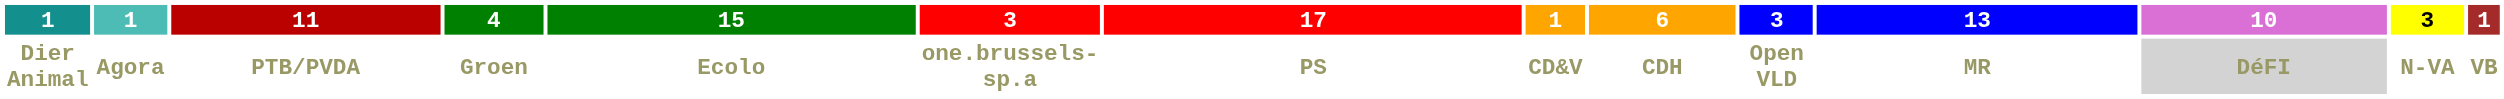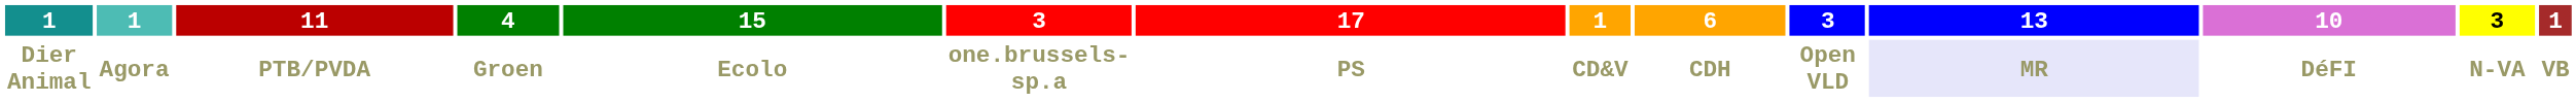 <table style="width:100%; font-size:88%; text-align:center;">
 <tr style="font-weight:bold">
 <td style="background:#138F8E; width:1%; color:white">1</td>
 <td style="background:#4DBCB4; width:1%; color:white">1</td>
 <td style="background:#BB0000; width:11%; color:white">11</td>
 <td style="background:green; width:4%; color:white">4</td>
 <td style="background:green; width:15%; color:white">15</td>
 <td style="background:red; width:3%; color:white">3</td>
 <td style="background:red; width:17%; color:white">17</td>
 <td style="background:orange; width:1%; color:white">1</td>
 <td style="background:orange; width:6%; color:white">6</td>
 <td style="background:blue; width:3%; color:white">3</td>
 <td style="background:blue; width:13%; color:white">13</td>
 <td style="background:orchid; width:10%; color:white">10</td>
 <td style="background:yellow; width:3%; color:black">3</td>
 <td style="background:brown; width:1%; color:white">1</td>
 </tr>
 <tr style="font-weight:bold; color:#996;">
 <td>Dier Animal</td>
 <td>Agora</td>
 <td>PTB/PVDA</td>
 <td>Groen</td>
 <td>Ecolo</td>
 <td>one.brussels-sp.a</td>
 <td>PS</td>
 <td>CD&V</td>
 <td>CDH</td>
 <td>Open VLD</td>
-<td>MR</td>
-<td style="background: lightgrey;">DéFI</td>
+<td style="background: lavender;">MR</td>
+<td>DéFI</td>
 <td>N-VA</td>
 <td>VB</td>
 </tr>
 </table>
